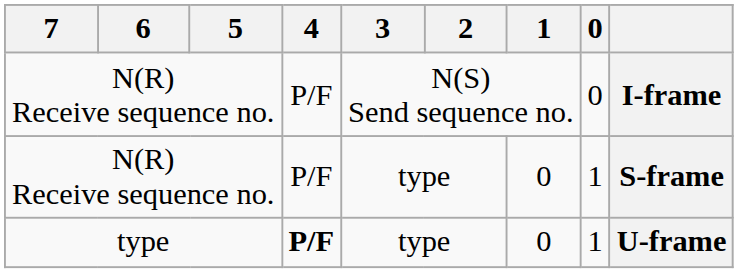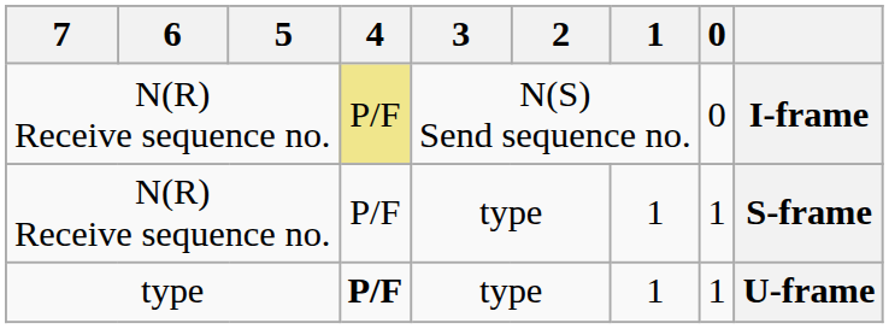 <table class="wikitable" style="text-align:center">
 <tr>
 <th>7</th>
 <th>6</th>
 <th>5</th>
 <th>4</th>
 <th>3</th>
 <th>2</th>
 <th>1</th>
 <th>0</th>
 <th></th>
 </tr>
 <tr>
 <td colspan=3>N(R)<br>Receive sequence no.</td>
-<td>P/F</td>
+<td style="background: khaki;">P/F</td>
 <td colspan=3>N(S)<br>Send sequence no.</td>
 <td>0</td>
 <th>I-frame</th>
 </tr>
 <tr>
 <td colspan=3>N(R)<br>Receive sequence no.</td>
 <td>P/F</td>
 <td colspan=2>type</td>
-<td>0</td>
+<td>1</td>
 <td>1</td>
 <th>S-frame</th>
 </tr>
 <tr>
 <td colspan=3>type</td>
 <td><strong>P/F</strong></td>
 <td colspan=2>type</td>
-<td>0</td>
+<td>1</td>
 <td>1</td>
 <th>U-frame</th>
 </tr>
 </table>
